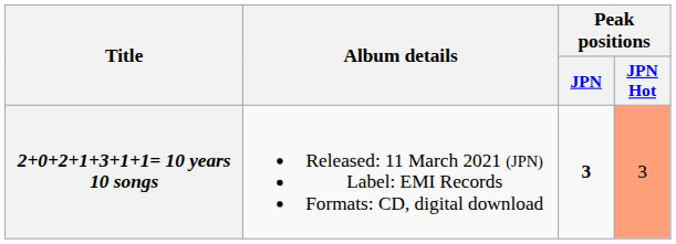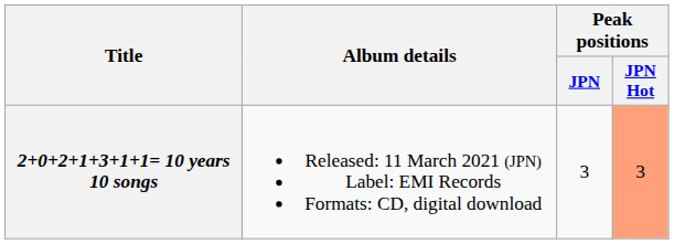 <table class="wikitable plainrowheaders" style="text-align:center;">
 <tr>
 <th rowspan="2" style="width:12em;">Title</th>
 <th rowspan="2" style="width:16em;">Album details</th>
 <th colspan="2">Peak positions</th>
 </tr>
 <tr>
 <th scope="col" style="width:2.8em;font-size:90%;"><a href='#'>JPN</a><br></th>
 <th scope="col" style="width:2.8em;font-size:90%;"><a href='#'>JPN Hot</a><br></th>
 </tr>
 <tr>
 <th scope="row"><em>2+0+2+1+3+1+1= 10 years 10 songs</em></th>
 <td><br><ul><li>Released: 11 March 2021 <small>(JPN)</small></li><li>Label: EMI Records</li><li>Formats: CD, digital download</li></ul></td>
-<td><strong>3</strong></td>
+<td>3</td>
 <td style="background: lightsalmon;">3</td>
 </tr>
 </table>
